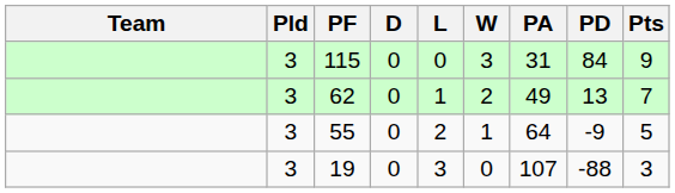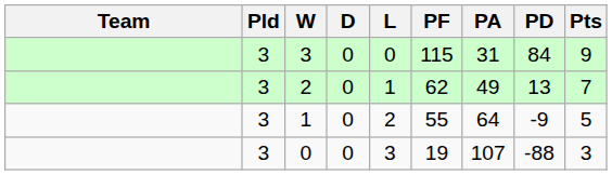 <table class="wikitable" style="text-align:center;">
 <tr>
 <th width=175>Team</th>
 <th width=25 abbr="Played">Pld</th>
-<th width=32 abbr="Points for">PF</th>
+<th width=25 abbr="Won">W</th>
 <th width=25 abbr="Drawn">D</th>
 <th width=25 abbr="Lost">L</th>
-<th width=25 abbr="Won">W</th>
+<th width=32 abbr="Points for">PF</th>
 <th width=32 abbr="Points against">PA</th>
 <th width=32 abbr="Points difference">PD</th>
 <th width=25 abbr="Points">Pts</th>
 </tr>
 <tr bgcolor="#ccffcc">
 <td align=left></td>
 <td>3</td>
-<td>115</td>
+<td>3</td>
 <td>0</td>
 <td>0</td>
-<td>3</td>
+<td>115</td>
 <td>31</td>
 <td>84</td>
 <td>9</td>
 </tr>
 <tr bgcolor="#ccffcc">
 <td align=left></td>
 <td>3</td>
-<td>62</td>
+<td>2</td>
 <td>0</td>
 <td>1</td>
-<td>2</td>
+<td>62</td>
 <td>49</td>
 <td>13</td>
 <td>7</td>
 </tr>
 <tr>
 <td align=left></td>
 <td>3</td>
-<td>55</td>
+<td>1</td>
 <td>0</td>
 <td>2</td>
-<td>1</td>
+<td>55</td>
 <td>64</td>
 <td>-9</td>
 <td>5</td>
 </tr>
 <tr>
 <td align=left></td>
 <td>3</td>
-<td>19</td>
+<td>0</td>
 <td>0</td>
 <td>3</td>
-<td>0</td>
+<td>19</td>
 <td>107</td>
 <td>-88</td>
 <td>3</td>
 </tr>
 </table>
